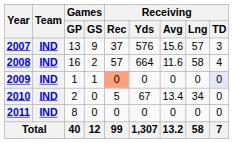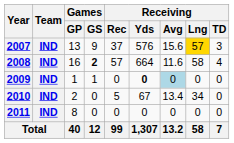 <table class=wikitable style="text-align:center;">
 <tr>
 <th rowspan="2">Year</th>
 <th rowspan="2">Team</th>
 <th colspan="2">Games</th>
 <th colspan="5">Receiving</th>
 </tr>
 <tr>
 <th>GP</th>
 <th>GS</th>
 <th>Rec</th>
 <th>Yds</th>
 <th>Avg</th>
 <th>Lng</th>
 <th>TD</th>
 </tr>
 <tr>
 <th><a href='#'>2007</a></th>
 <th><a href='#'>IND</a></th>
 <td>13</td>
 <td>9</td>
 <td>37</td>
 <td>576</td>
 <td>15.6</td>
-<td>57</td>
+<td style="background: gold;">57</td>
 <td>3</td>
 </tr>
 <tr>
 <th><a href='#'>2008</a></th>
 <th><a href='#'>IND</a></th>
 <td>16</td>
-<td>2</td>
+<td><strong>2</strong></td>
 <td>57</td>
 <td>664</td>
 <td>11.6</td>
 <td>58</td>
 <td>4</td>
 </tr>
 <tr>
 <th><a href='#'>2009</a></th>
 <th><a href='#'>IND</a></th>
 <td>1</td>
 <td>1</td>
-<td style="background: lightsalmon;">0</td>
+<td>0</td>
+<td><strong>0</strong></td>
+<td style="background: lightblue;">0</td>
 <td>0</td>
 <td>0</td>
-<td>0</td>
-<td style="background: lavender;">0</td>
 </tr>
 <tr>
 <th><a href='#'>2010</a></th>
 <th><a href='#'>IND</a></th>
 <td>2</td>
 <td>0</td>
 <td>5</td>
 <td>67</td>
 <td>13.4</td>
 <td>34</td>
 <td>0</td>
 </tr>
 <tr>
 <th><a href='#'>2011</a></th>
 <th><a href='#'>IND</a></th>
 <td>8</td>
 <td>0</td>
 <td>0</td>
 <td>0</td>
 <td>0</td>
 <td>0</td>
 <td>0</td>
 </tr>
 <tr>
 <th colspan="2">Total</th>
 <th>40</th>
 <th>12</th>
 <th>99</th>
 <th>1,307</th>
 <th>13.2</th>
 <th>58</th>
 <th>7</th>
 </tr>
 </table>
